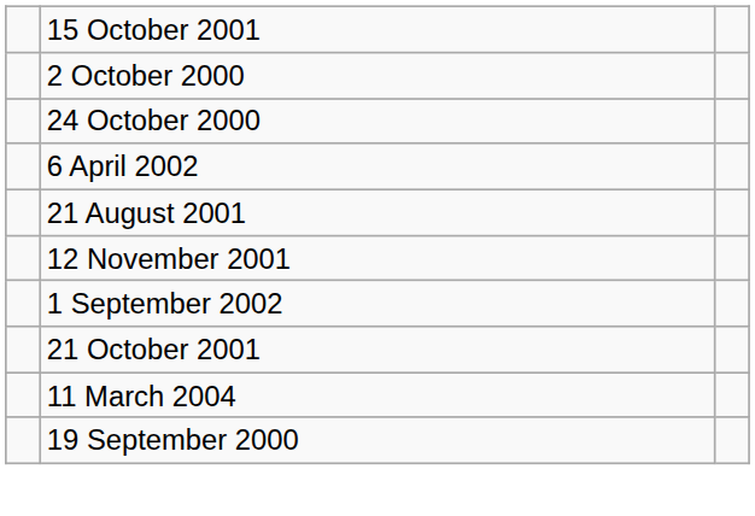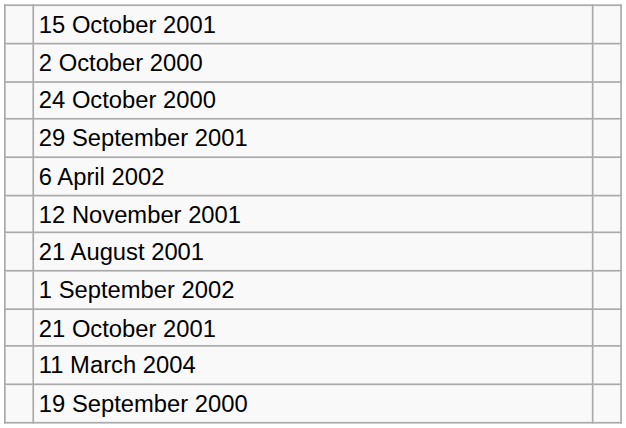 <table class="wikitable" style="font-size: 89%; float: left; width: 26em; margin-right: 1em; height: 196px;">
 <tr>
 <td></td>
 <td>15 October 2001</td>
 <td></td>
 </tr>
 <tr>
 <td></td>
 <td>2 October 2000</td>
 <td></td>
 </tr>
 <tr>
 <td></td>
 <td>24 October 2000</td>
 <td></td>
 </tr>
 <tr>
 <td></td>
+<td>29 September 2001</td>
+<td></td>
+</tr>
+<tr>
+<td></td>
 <td>6 April 2002</td>
 <td></td>
 </tr>
 <tr>
 <td></td>
-<td>21 August 2001</td>
+<td>12 November 2001</td>
 <td></td>
 </tr>
 <tr>
 <td></td>
-<td>12 November 2001</td>
+<td>21 August 2001</td>
 <td></td>
 </tr>
 <tr>
 <td></td>
 <td>1 September 2002</td>
 <td></td>
 </tr>
 <tr>
 <td></td>
 <td>21 October 2001</td>
 <td></td>
 </tr>
 <tr>
 <td></td>
 <td>11 March 2004</td>
 <td></td>
 </tr>
 <tr>
 <td></td>
 <td>19 September 2000</td>
 <td></td>
 </tr>
 </table>
